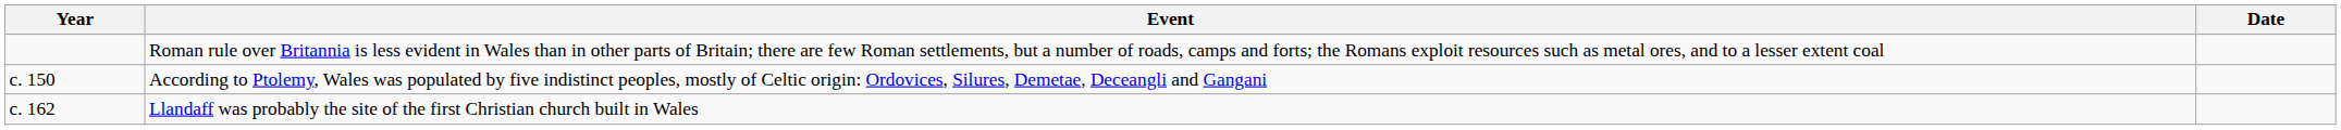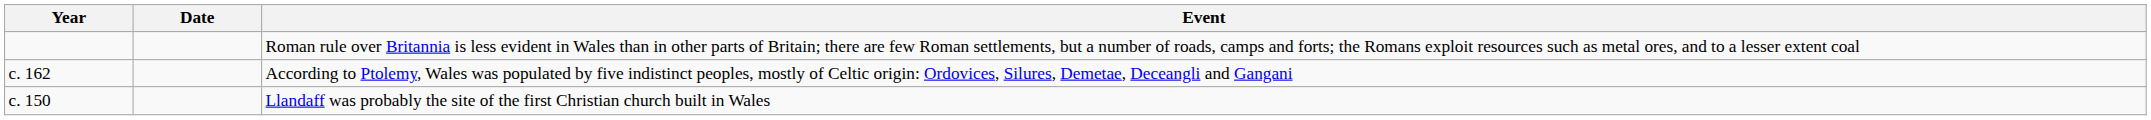 <table class="wikitable" width="100%">
 <tr>
 <th style="width:6%">Year</th>
+<th style="width:6%">Date</th>
 <th>Event</th>
-<th style="width:6%">Date</th>
 </tr>
 <tr>
 <td></td>
+<td></td>
 <td>Roman rule over <a href='#'>Britannia</a> is less evident in Wales than in other parts of Britain; there are few Roman settlements, but a number of roads, camps and forts; the Romans exploit resources such as metal ores, and to a lesser extent coal</td>
+</tr>
+<tr>
+<td>c. 162</td>
 <td></td>
+<td>According to <a href='#'>Ptolemy</a>, Wales was populated by five indistinct peoples, mostly of Celtic origin: <a href='#'>Ordovices</a>, <a href='#'>Silures</a>, <a href='#'>Demetae</a>, <a href='#'>Deceangli</a> and <a href='#'>Gangani</a></td>
 </tr>
 <tr>
 <td>c. 150</td>
-<td>According to <a href='#'>Ptolemy</a>, Wales was populated by five indistinct peoples, mostly of Celtic origin: <a href='#'>Ordovices</a>, <a href='#'>Silures</a>, <a href='#'>Demetae</a>, <a href='#'>Deceangli</a> and <a href='#'>Gangani</a></td>
 <td></td>
-</tr>
-<tr>
-<td>c. 162</td>
 <td><a href='#'>Llandaff</a> was probably the site of the first Christian church built in Wales</td>
-<td></td>
 </tr>
 </table>
